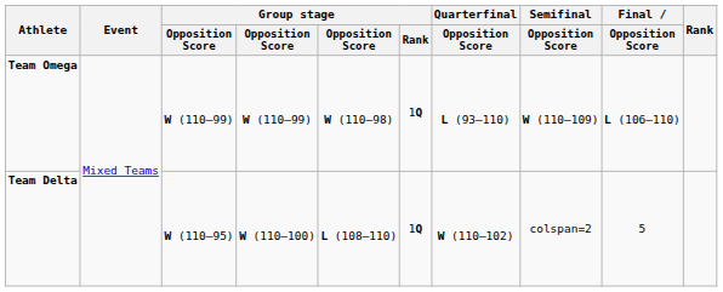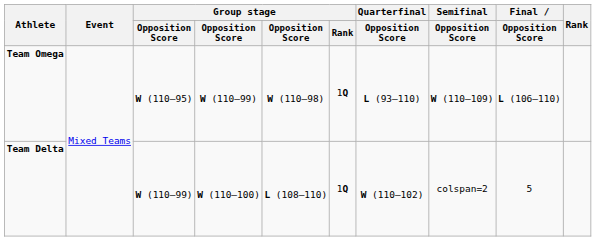 <table class="wikitable" style="font-size:90%">
 <tr>
 <th rowspan=2>Athlete</th>
 <th rowspan=2>Event</th>
 <th colspan=4>Group stage</th>
 <th>Quarterfinal</th>
 <th>Semifinal</th>
 <th>Final / </th>
 <th rowspan=2>Rank</th>
 </tr>
 <tr style="font-size:95%">
 <th>Opposition<br>Score</th>
 <th>Opposition<br>Score</th>
 <th>Opposition<br>Score</th>
 <th>Rank</th>
 <th>Opposition<br>Score</th>
 <th>Opposition<br>Score</th>
 <th>Opposition<br>Score</th>
 </tr>
 <tr align=center>
 <td align=left><strong>Team Omega</strong> <br><br><br><br><br><br><br><br></td>
 <td rowspan=2 align=left><a href='#'>Mixed Teams</a></td>
-<td><br><strong>W</strong> (110–99)</td>
+<td><br><strong>W</strong> (110–95)</td>
 <td><br><strong>W</strong> (110–99)</td>
 <td><br><strong>W</strong> (110–98)</td>
 <td>1<strong>Q</strong></td>
 <td><br><strong>L</strong> (93–110)</td>
 <td><br><strong>W</strong> (110–109)</td>
 <td><br><strong>L</strong> (106–110)</td>
 <td></td>
 </tr>
 <tr align=center>
 <td align=left><strong>Team Delta</strong> <br><br><br><br><br><br><br><br></td>
-<td><br><strong>W</strong> (110–95)</td>
+<td><br><strong>W</strong> (110–99)</td>
 <td><br><strong>W</strong> (110–100)</td>
 <td><br><strong>L</strong> (108–110)</td>
 <td>1<strong>Q</strong></td>
 <td><br><strong>W</strong> (110–102)</td>
 <td>colspan=2 </td>
 <td>5</td>
 </tr>
 </table>
